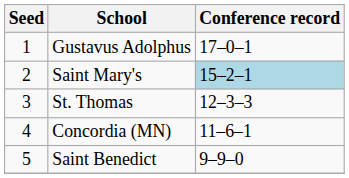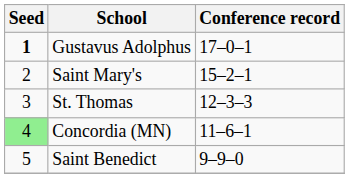 <table class="wikitable">
 <tr>
 <th>Seed</th>
 <th>School</th>
 <th>Conference record</th>
 </tr>
 <tr>
-<td align=center>1</td>
+<td align=center><strong>1</strong></td>
 <td>Gustavus Adolphus</td>
 <td>17–0–1</td>
 </tr>
 <tr>
 <td align=center>2</td>
 <td>Saint Mary's</td>
-<td style="background: lightblue;">15–2–1</td>
+<td>15–2–1</td>
 </tr>
 <tr>
 <td align=center>3</td>
 <td>St. Thomas</td>
 <td>12–3–3</td>
 </tr>
 <tr>
-<td align=center>4</td>
+<td align=center style="background: lightgreen;">4</td>
 <td>Concordia (MN)</td>
 <td>11–6–1</td>
 </tr>
 <tr>
 <td align=center>5</td>
 <td>Saint Benedict</td>
 <td>9–9–0</td>
 </tr>
 <tr>
 </tr>
 </table>
